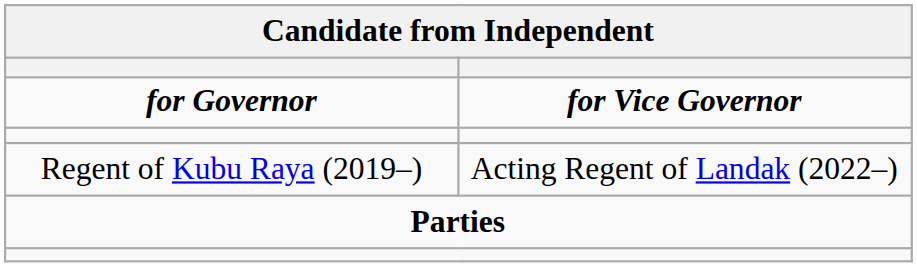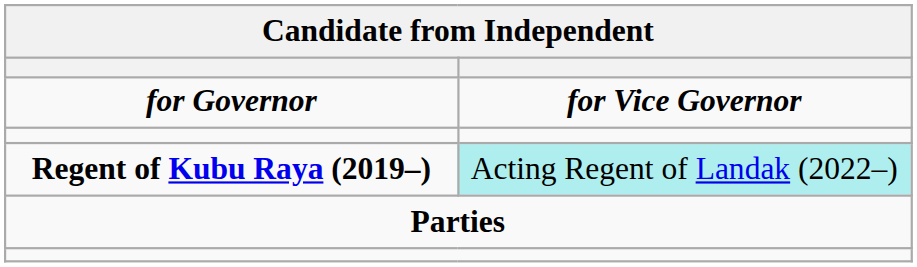 <table class="wikitable" style="font-size:90%; text-align:center;">
 <tr>
 <td colspan=2 style="background:#f1f1f1;"><strong>Candidate from Independent</strong></td>
 </tr>
 <tr>
 <th style="font-size:135%; background:#"><a href='#'></a></th>
 <th style="font-size:135%; background:#"><a href='#'></a></th>
 </tr>
 <tr style="color:#000; font-size:100%; background:#">
 <td style="width:3em; width:200px;"><strong><em>for Governor</em></strong></td>
 <td style="width:3em; width:200px;"><strong><em>for Vice Governor</em></strong></td>
 </tr>
 <tr>
 <td></td>
 <td></td>
 </tr>
 <tr>
-<td>Regent of <a href='#'>Kubu Raya</a> (2019–)</td>
-<td>Acting Regent of <a href='#'>Landak</a> (2022–)</td>
+<td><strong>Regent of <a href='#'>Kubu Raya</a> (2019–)</strong></td>
+<td style="background: paleturquoise;">Acting Regent of <a href='#'>Landak</a> (2022–)</td>
 </tr>
 <tr>
 <td colspan=2><strong>Parties</strong></td>
 </tr>
 <tr>
 <td colspan=2> </td>
 </tr>
 </table>
